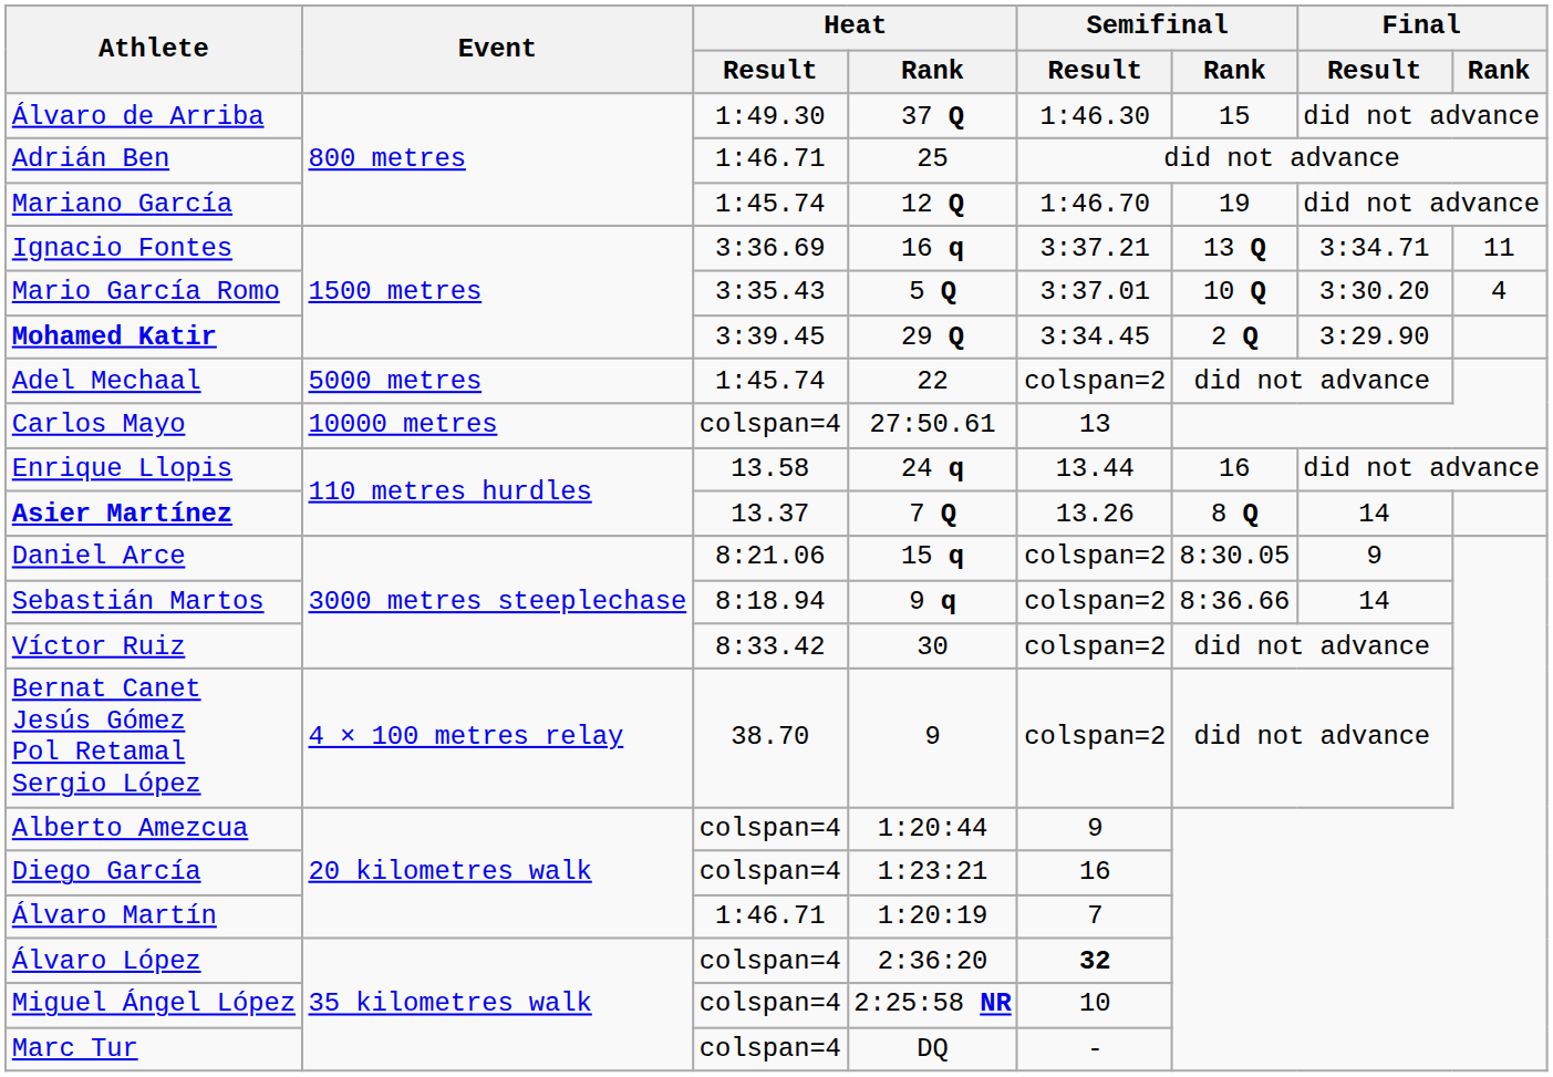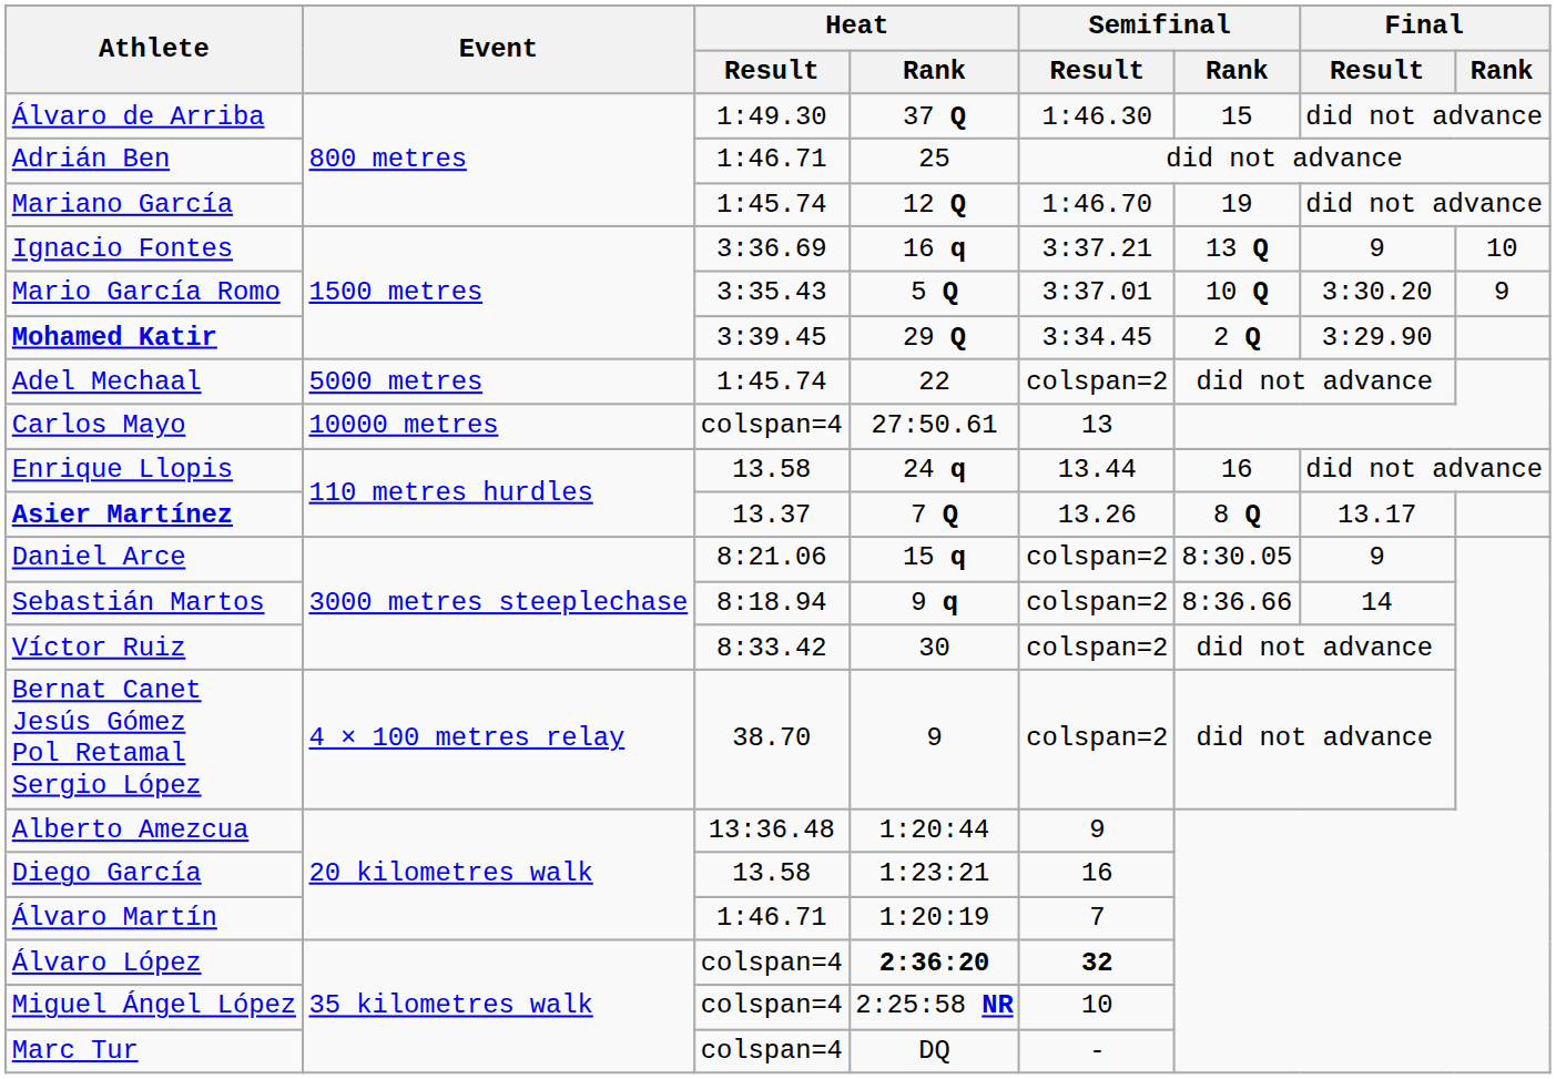 <table class="wikitable"  style="font-size:90%">
 <tr>
 <th rowspan="2">Athlete</th>
 <th rowspan="2">Event</th>
 <th colspan="2">Heat</th>
 <th colspan="2">Semifinal</th>
 <th colspan="2">Final</th>
 </tr>
 <tr>
 <th>Result</th>
 <th>Rank</th>
 <th>Result</th>
 <th>Rank</th>
 <th>Result</th>
 <th>Rank</th>
 </tr>
 <tr style=text-align:center>
 <td style=text-align:left><a href='#'>Álvaro de Arriba</a></td>
 <td style=text-align:left rowspan=3><a href='#'>800 metres</a></td>
 <td>1:49.30</td>
 <td>37 <strong>Q</strong></td>
 <td>1:46.30</td>
 <td>15</td>
 <td colspan=2>did not advance</td>
 </tr>
 <tr style=text-align:center>
 <td style=text-align:left><a href='#'>Adrián Ben</a></td>
 <td>1:46.71</td>
 <td>25</td>
 <td colspan=4>did not advance</td>
 </tr>
 <tr style=text-align:center>
 <td style=text-align:left><a href='#'>Mariano García</a></td>
 <td>1:45.74</td>
 <td>12 <strong>Q</strong></td>
 <td>1:46.70</td>
 <td>19</td>
 <td colspan=2>did not advance</td>
 </tr>
 <tr style=text-align:center>
 <td style=text-align:left><a href='#'>Ignacio Fontes</a></td>
 <td style=text-align:left rowspan=3><a href='#'>1500 metres</a></td>
 <td>3:36.69</td>
 <td>16 <strong>q</strong></td>
 <td>3:37.21</td>
 <td>13 <strong>Q</strong></td>
-<td>3:34.71 </td>
-<td>11</td>
+<td>9</td>
+<td>10</td>
 </tr>
 <tr style=text-align:center>
 <td style=text-align:left><a href='#'>Mario García Romo</a></td>
 <td>3:35.43 </td>
 <td>5 <strong>Q</strong></td>
 <td>3:37.01</td>
 <td>10 <strong>Q</strong></td>
 <td>3:30.20 </td>
-<td>4</td>
+<td>9</td>
 </tr>
 <tr style=text-align:center>
 <td style=text-align:left><strong><a href='#'>Mohamed Katir</a></strong></td>
 <td>3:39.45</td>
 <td>29 <strong>Q</strong></td>
 <td>3:34.45</td>
 <td>2 <strong>Q</strong></td>
 <td>3:29.90 </td>
 <td></td>
 </tr>
 <tr style=text-align:center>
 <td style=text-align:left><a href='#'>Adel Mechaal</a></td>
 <td style=text-align:left><a href='#'>5000 metres</a></td>
 <td>1:45.74</td>
 <td>22</td>
 <td>colspan=2 </td>
 <td colspan=2>did not advance</td>
 </tr>
 <tr style=text-align:center>
 <td style=text-align:left><a href='#'>Carlos Mayo</a></td>
 <td style=text-align:left><a href='#'>10000 metres</a></td>
 <td>colspan=4 </td>
 <td>27:50.61</td>
 <td>13</td>
 </tr>
 <tr style=text-align:center>
 <td style=text-align:left><a href='#'>Enrique Llopis</a></td>
 <td style=text-align:left rowspan=2><a href='#'>110 metres hurdles</a></td>
 <td>13.58</td>
 <td>24 <strong>q</strong></td>
 <td>13.44</td>
 <td>16</td>
 <td colspan=2>did not advance</td>
 </tr>
 <tr style=text-align:center>
 <td style=text-align:left><strong><a href='#'>Asier Martínez</a></strong></td>
 <td>13.37</td>
 <td>7 <strong>Q</strong></td>
 <td>13.26 </td>
 <td>8 <strong>Q</strong></td>
-<td>14</td>
+<td>13.17 </td>
 <td></td>
 </tr>
 <tr style=text-align:center>
 <td style=text-align:left><a href='#'>Daniel Arce</a></td>
 <td style=text-align:left rowspan=3><a href='#'>3000 metres steeplechase</a></td>
 <td>8:21.06</td>
 <td>15 <strong>q</strong></td>
 <td>colspan=2 </td>
 <td>8:30.05</td>
 <td>9</td>
 </tr>
 <tr style=text-align:center>
 <td style=text-align:left><a href='#'>Sebastián Martos</a></td>
 <td>8:18.94</td>
 <td>9 <strong>q</strong></td>
 <td>colspan=2 </td>
 <td>8:36.66</td>
 <td>14</td>
 </tr>
 <tr style=text-align:center>
 <td style=text-align:left><a href='#'>Víctor Ruiz</a></td>
 <td>8:33.42</td>
 <td>30</td>
 <td>colspan=2 </td>
 <td colspan=2>did not advance</td>
 </tr>
 <tr style=text-align:center>
 <td style=text-align:left><a href='#'>Bernat Canet</a><br><a href='#'>Jesús Gómez</a><br><a href='#'>Pol Retamal</a><br><a href='#'>Sergio López</a></td>
 <td style=text-align:left><a href='#'>4 × 100 metres relay</a></td>
 <td>38.70 </td>
 <td>9</td>
 <td>colspan=2 </td>
 <td colspan=2>did not advance</td>
 </tr>
 <tr style=text-align:center>
 <td style=text-align:left><a href='#'>Alberto Amezcua</a></td>
 <td style=text-align:left rowspan=3><a href='#'>20 kilometres walk</a></td>
-<td>colspan=4 </td>
+<td>13:36.48</td>
 <td>1:20:44</td>
 <td>9</td>
 </tr>
 <tr style=text-align:center>
 <td style=text-align:left><a href='#'>Diego García</a></td>
-<td>colspan=4 </td>
+<td>13.58</td>
 <td>1:23:21</td>
 <td>16</td>
 </tr>
 <tr style=text-align:center>
 <td style=text-align:left><a href='#'>Álvaro Martín</a></td>
 <td>1:46.71</td>
 <td>1:20:19</td>
 <td>7</td>
 </tr>
 <tr style=text-align:center>
 <td style=text-align:left><a href='#'>Álvaro López</a></td>
 <td style=text-align:left rowspan=3><a href='#'>35 kilometres walk</a></td>
 <td>colspan=4 </td>
-<td>2:36:20</td>
+<td><strong>2:36:20</strong></td>
 <td><strong>32</strong></td>
 </tr>
 <tr style=text-align:center>
 <td style=text-align:left><a href='#'>Miguel Ángel López</a></td>
 <td>colspan=4 </td>
 <td>2:25:58 <strong><a href='#'>NR</a></strong></td>
 <td>10</td>
 </tr>
 <tr style=text-align:center>
 <td style=text-align:left><a href='#'>Marc Tur</a></td>
 <td>colspan=4 </td>
 <td>DQ</td>
 <td>-</td>
 </tr>
 </table>
